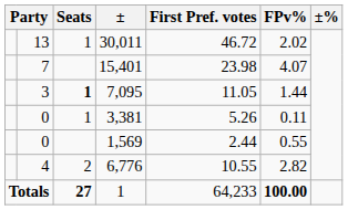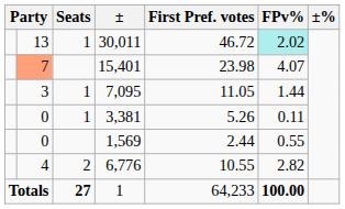 <table class=wikitable>
 <tr>
 <th colspan=2 align=center>Party</th>
 <th valign=top>Seats</th>
 <th valign=top>±</th>
 <th valign=top>First Pref. votes</th>
 <th valign=top>FPv%</th>
 <th valign=top>±%</th>
 </tr>
 <tr>
 <td></td>
 <td align=right>13</td>
 <td align=right> 1</td>
 <td align=right>30,011</td>
 <td align=right>46.72</td>
-<td align=right>2.02</td>
+<td align=right style="background: paleturquoise;">2.02</td>
 </tr>
 <tr>
 <td></td>
-<td align=right>7</td>
+<td align=right style="background: lightsalmon;">7</td>
 <td align=right></td>
 <td align=right>15,401</td>
 <td align=right>23.98</td>
 <td align=right>4.07</td>
 </tr>
 <tr>
 <td></td>
 <td align=right>3</td>
-<td align=right><strong> 1</strong></td>
+<td align=right> 1</td>
 <td align=right>7,095</td>
 <td align=right>11.05</td>
 <td align=right>1.44</td>
 </tr>
 <tr>
 <td></td>
 <td align=right>0</td>
 <td align=right> 1</td>
 <td align=right>3,381</td>
 <td align=right>5.26</td>
 <td align=right>0.11</td>
 </tr>
 <tr>
 <td></td>
 <td align=right>0</td>
 <td align=right></td>
 <td align=right>1,569</td>
 <td align=right>2.44</td>
 <td align=right>0.55</td>
 </tr>
 <tr>
 <td></td>
 <td align=right>4</td>
 <td align=right> 2</td>
 <td align=right>6,776</td>
 <td align=right>10.55</td>
 <td align=right>2.82</td>
 </tr>
 <tr>
 <td colspan=2 align=center><strong>Totals</strong></td>
 <td align=right><strong>27</strong></td>
 <td align=center> 1</td>
 <td align=right>64,233</td>
 <td align=center><strong>100.00</strong></td>
 <td align=center></td>
 </tr>
 </table>
